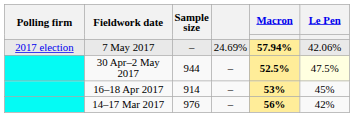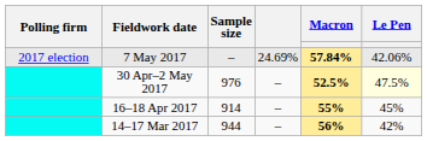 <table class="wikitable sortable" style="text-align:center;font-size:90%;line-height:14px;">
 <tr style="height:40px;">
 <th style="width:100px;" rowspan="2">Polling firm</th>
 <th style="width:110px;" rowspan="2">Fieldwork date</th>
 <th style="width:35px;" rowspan="2">Sample<br>size</th>
 <th style="width:30px;" rowspan="2"></th>
 <th class="unsortable" style="width:60px;"><a href='#'>Macron</a><br></th>
 <th class="unsortable" style="width:60px;"><a href='#'>Le Pen</a><br></th>
 </tr>
 <tr>
 <th style="background:"></th>
 <th style="background:"></th>
 </tr>
 <tr style="background:#E9E9E9;">
 <td><a href='#'>2017 election</a></td>
 <td data-sort-value="2017-05-07">7 May 2017</td>
 <td>–</td>
 <td>24.69%</td>
-<td style="background:#FFED99;"><strong>57.94%</strong></td>
+<td style="background:#FFED99;"><strong>57.84%</strong></td>
 <td>42.06%</td>
 </tr>
 <tr>
 <td style="background:#04FBF4;"></td>
 <td data-sort-value="2017-05-02">30 Apr–2 May 2017</td>
-<td>944</td>
+<td>976</td>
 <td>–</td>
 <td style="background:#FFED99;"><strong>52.5%</strong></td>
 <td style="background: lightyellow;">47.5%</td>
 </tr>
 <tr>
 <td style="background:#04FBF4;"></td>
 <td data-sort-value="2017-04-18">16–18 Apr 2017</td>
 <td>914</td>
 <td>–</td>
-<td style="background:#FFED99;"><strong>53%</strong></td>
+<td style="background:#FFED99;"><strong>55%</strong></td>
 <td>45%</td>
 </tr>
 <tr>
 <td style="background:#04FBF4;"></td>
 <td data-sort-value="2017-03-17">14–17 Mar 2017</td>
-<td>976</td>
+<td>944</td>
 <td>–</td>
 <td style="background:#FFED99;"><strong>56%</strong></td>
 <td>42%</td>
 </tr>
 </table>
